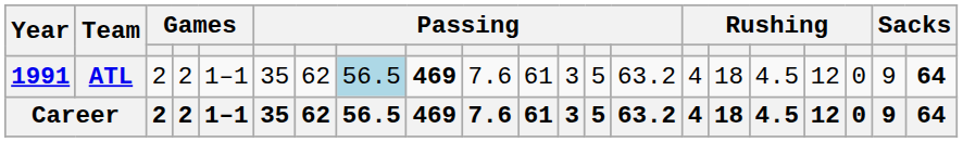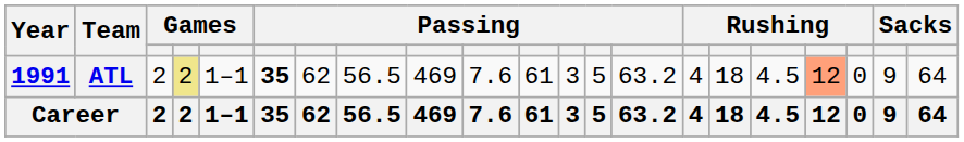 <table class="wikitable" style="text-align:center;">
 <tr>
 <th rowspan="2">Year</th>
 <th rowspan="2">Team</th>
 <th colspan="3">Games</th>
 <th colspan="9">Passing</th>
 <th colspan="5">Rushing</th>
 <th colspan="2">Sacks</th>
 </tr>
 <tr>
 <th></th>
 <th></th>
 <th></th>
 <th></th>
 <th></th>
 <th></th>
 <th></th>
 <th></th>
 <th></th>
 <th></th>
 <th></th>
 <th></th>
 <th></th>
 <th></th>
 <th></th>
 <th></th>
 <th></th>
 <th></th>
 <th></th>
 </tr>
 <tr>
 <th><a href='#'>1991</a></th>
 <th><a href='#'>ATL</a></th>
 <td>2</td>
-<td>2</td>
+<td style="background: khaki;">2</td>
 <td>1–1</td>
-<td>35</td>
+<td><strong>35</strong></td>
 <td>62</td>
-<td style="background: lightblue;">56.5</td>
-<td><strong>469</strong></td>
+<td>56.5</td>
+<td>469</td>
 <td>7.6</td>
 <td>61</td>
 <td>3</td>
 <td>5</td>
 <td>63.2</td>
 <td>4</td>
 <td>18</td>
 <td>4.5</td>
-<td>12</td>
+<td style="background: lightsalmon;">12</td>
 <td>0</td>
 <td>9</td>
-<td><strong>64</strong></td>
+<td>64</td>
 </tr>
 <tr>
 <th colspan="2">Career</th>
 <th>2</th>
 <th>2</th>
 <th>1–1</th>
 <th>35</th>
 <th>62</th>
 <th>56.5</th>
 <th>469</th>
 <th>7.6</th>
 <th>61</th>
 <th>3</th>
 <th>5</th>
 <th>63.2</th>
 <th>4</th>
 <th>18</th>
 <th>4.5</th>
 <th>12</th>
 <th>0</th>
 <th>9</th>
 <th>64</th>
 </tr>
 </table>
